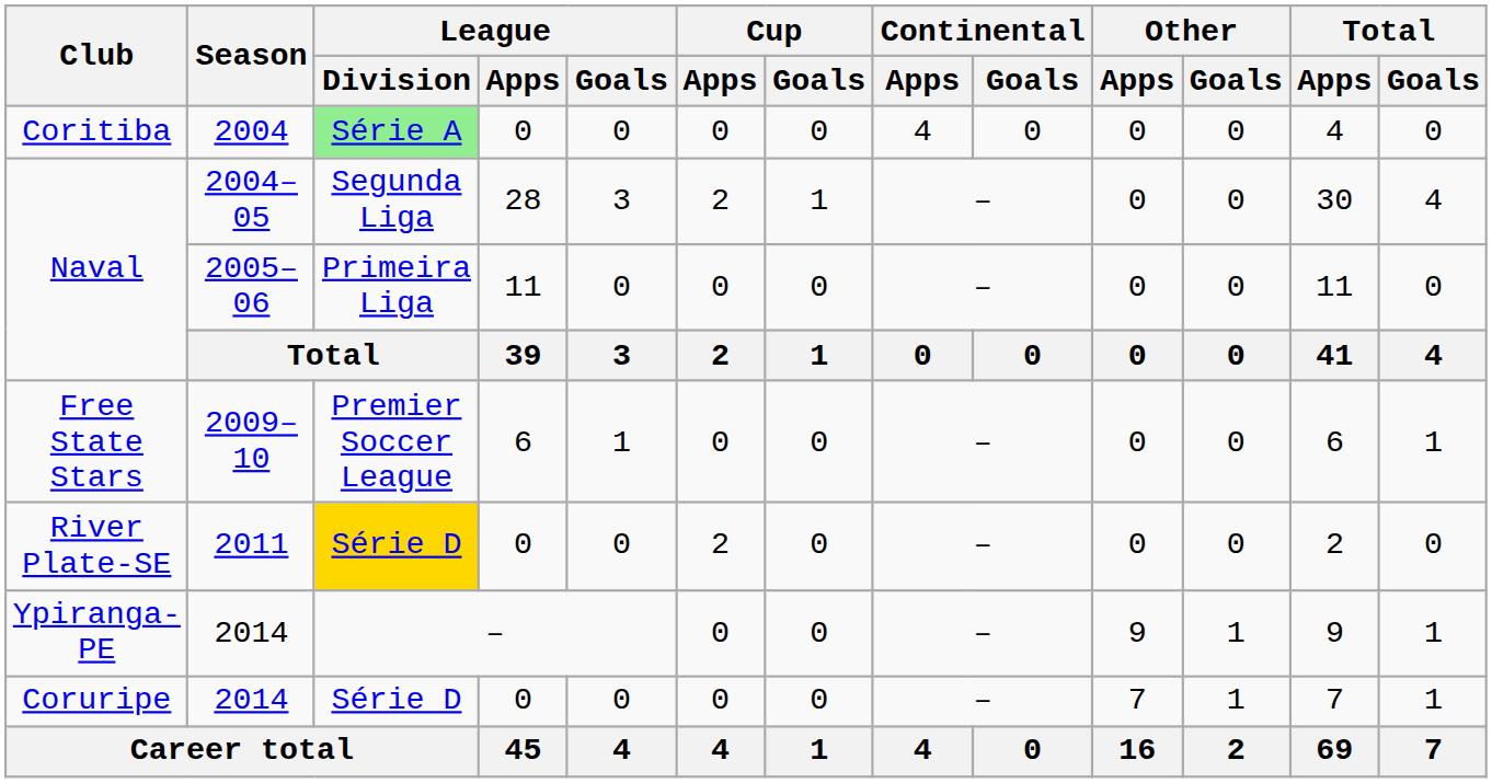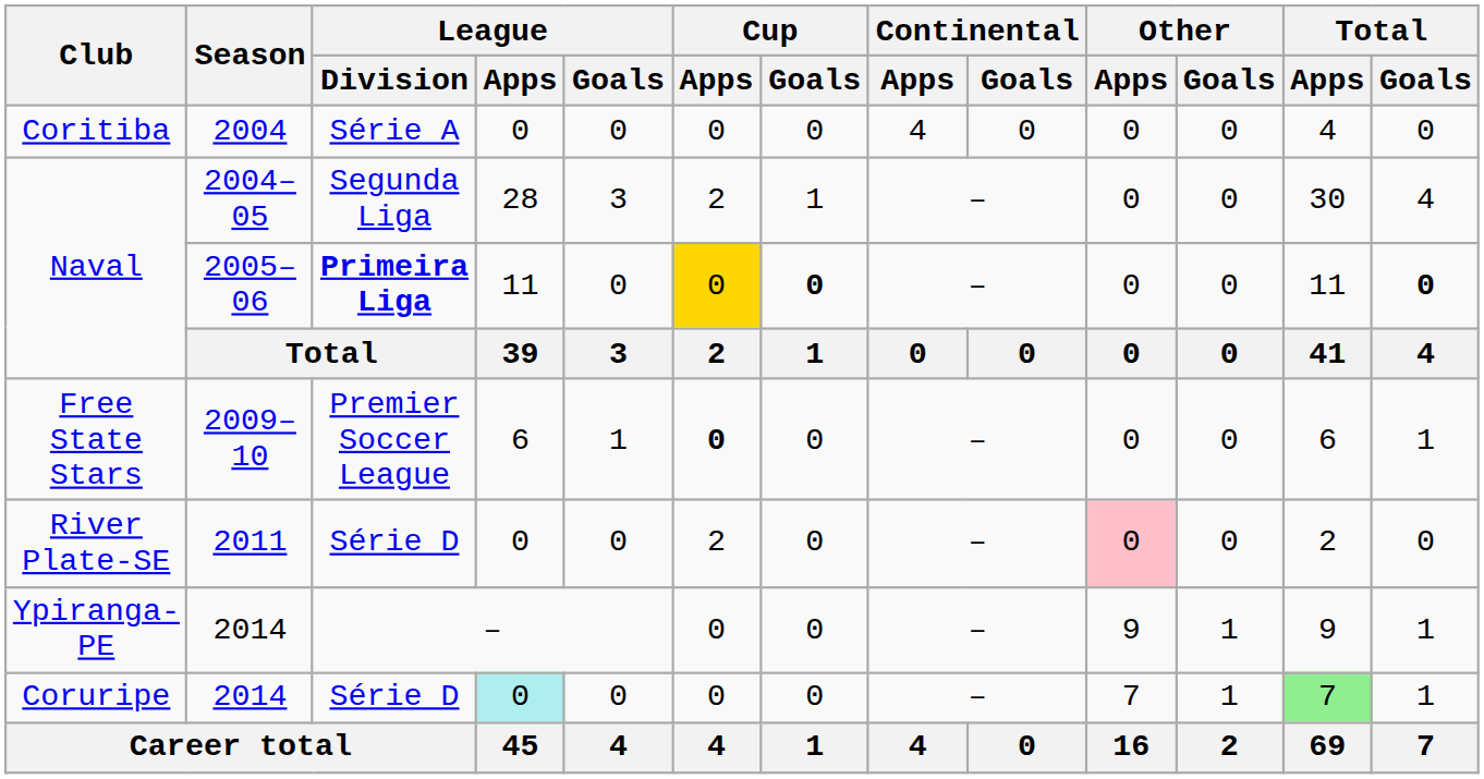 <table class="wikitable" style="text-align: center">
 <tr>
 <th rowspan="2">Club</th>
 <th rowspan="2">Season</th>
 <th colspan="3">League</th>
 <th colspan="2">Cup</th>
 <th colspan="2">Continental</th>
 <th colspan="2">Other</th>
 <th colspan="2">Total</th>
 </tr>
 <tr>
 <th>Division</th>
 <th>Apps</th>
 <th>Goals</th>
 <th>Apps</th>
 <th>Goals</th>
 <th>Apps</th>
 <th>Goals</th>
 <th>Apps</th>
 <th>Goals</th>
 <th>Apps</th>
 <th>Goals</th>
 </tr>
 <tr>
 <td><a href='#'>Coritiba</a></td>
 <td><a href='#'>2004</a></td>
-<td style="background: lightgreen;"><a href='#'>Série A</a></td>
+<td><a href='#'>Série A</a></td>
 <td>0</td>
 <td>0</td>
 <td>0</td>
 <td>0</td>
 <td>4</td>
 <td>0</td>
 <td>0</td>
 <td>0</td>
 <td>4</td>
 <td>0</td>
 </tr>
 <tr>
 <td rowspan="3"><a href='#'>Naval</a></td>
 <td><a href='#'>2004–05</a></td>
 <td><a href='#'>Segunda Liga</a></td>
 <td>28</td>
 <td>3</td>
 <td>2</td>
 <td>1</td>
 <td colspan="2">–</td>
 <td>0</td>
 <td>0</td>
 <td>30</td>
 <td>4</td>
 </tr>
 <tr>
 <td><a href='#'>2005–06</a></td>
-<td><a href='#'>Primeira Liga</a></td>
+<td><strong><a href='#'>Primeira Liga</a></strong></td>
 <td>11</td>
 <td>0</td>
-<td>0</td>
-<td>0</td>
+<td style="background: gold;">0</td>
+<td><strong>0</strong></td>
 <td colspan="2">–</td>
 <td>0</td>
 <td>0</td>
 <td>11</td>
-<td>0</td>
+<td><strong>0</strong></td>
 </tr>
 <tr>
 <th colspan="2"><strong>Total</strong></th>
 <th>39</th>
 <th>3</th>
 <th>2</th>
 <th>1</th>
 <th>0</th>
 <th>0</th>
 <th>0</th>
 <th>0</th>
 <th>41</th>
 <th>4</th>
 </tr>
 <tr>
 <td><a href='#'>Free State Stars</a></td>
 <td><a href='#'>2009–10</a></td>
 <td><a href='#'>Premier Soccer League</a></td>
 <td>6</td>
 <td>1</td>
-<td>0</td>
+<td><strong>0</strong></td>
 <td>0</td>
 <td colspan="2">–</td>
 <td>0</td>
 <td>0</td>
 <td>6</td>
 <td>1</td>
 </tr>
 <tr>
 <td><a href='#'>River Plate-SE</a></td>
 <td><a href='#'>2011</a></td>
-<td style="background: gold;"><a href='#'>Série D</a></td>
+<td><a href='#'>Série D</a></td>
 <td>0</td>
 <td>0</td>
 <td>2</td>
 <td>0</td>
 <td colspan="2">–</td>
-<td>0</td>
+<td style="background: pink;">0</td>
 <td>0</td>
 <td>2</td>
 <td>0</td>
 </tr>
 <tr>
 <td><a href='#'>Ypiranga-PE</a></td>
 <td>2014</td>
 <td colspan="3">–</td>
 <td>0</td>
 <td>0</td>
 <td colspan="2">–</td>
 <td>9</td>
 <td>1</td>
 <td>9</td>
 <td>1</td>
 </tr>
 <tr>
 <td><a href='#'>Coruripe</a></td>
 <td><a href='#'>2014</a></td>
 <td><a href='#'>Série D</a></td>
-<td>0</td>
+<td style="background: paleturquoise;">0</td>
 <td>0</td>
 <td>0</td>
 <td>0</td>
 <td colspan="2">–</td>
 <td>7</td>
 <td>1</td>
-<td>7</td>
+<td style="background: lightgreen;">7</td>
 <td>1</td>
 </tr>
 <tr>
 <th colspan="3"><strong>Career total</strong></th>
 <th>45</th>
 <th>4</th>
 <th>4</th>
 <th>1</th>
 <th>4</th>
 <th>0</th>
 <th>16</th>
 <th>2</th>
 <th>69</th>
 <th>7</th>
 </tr>
 </table>
